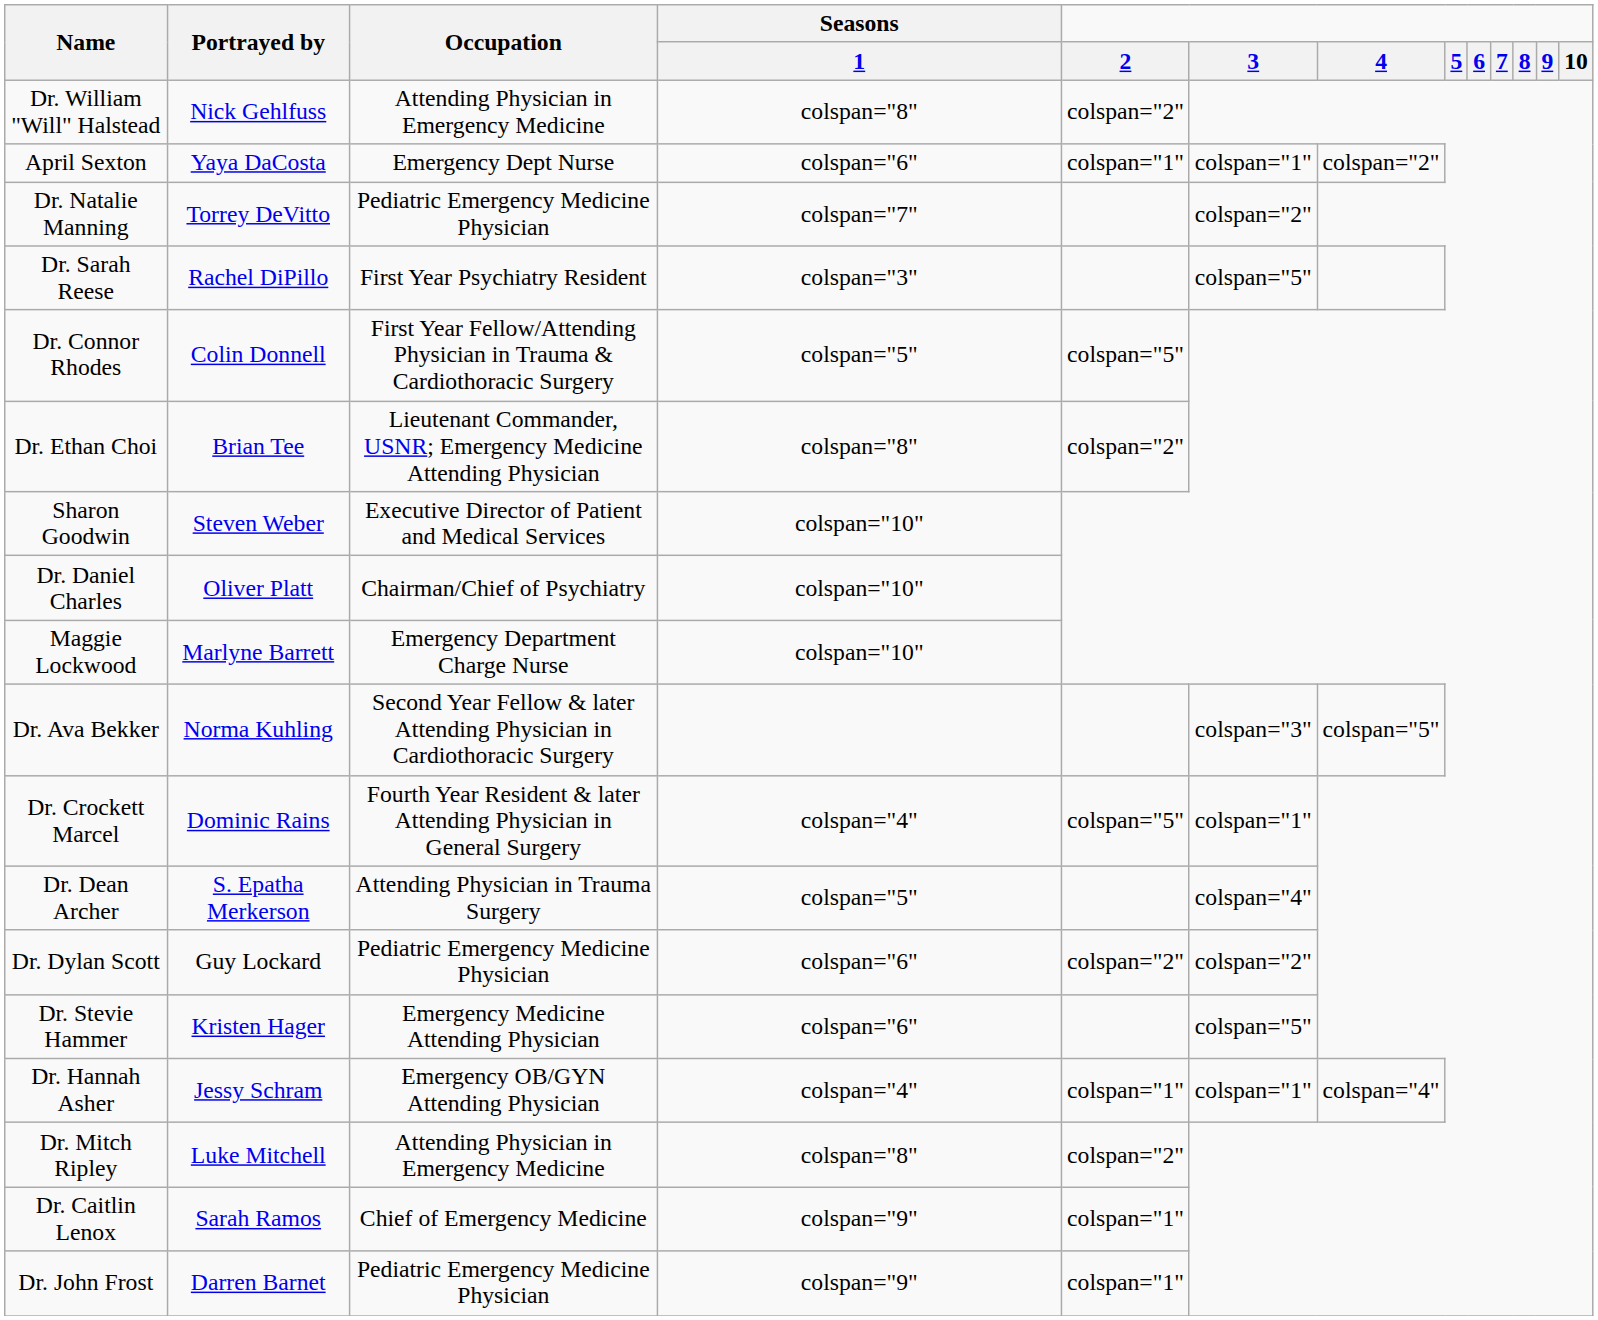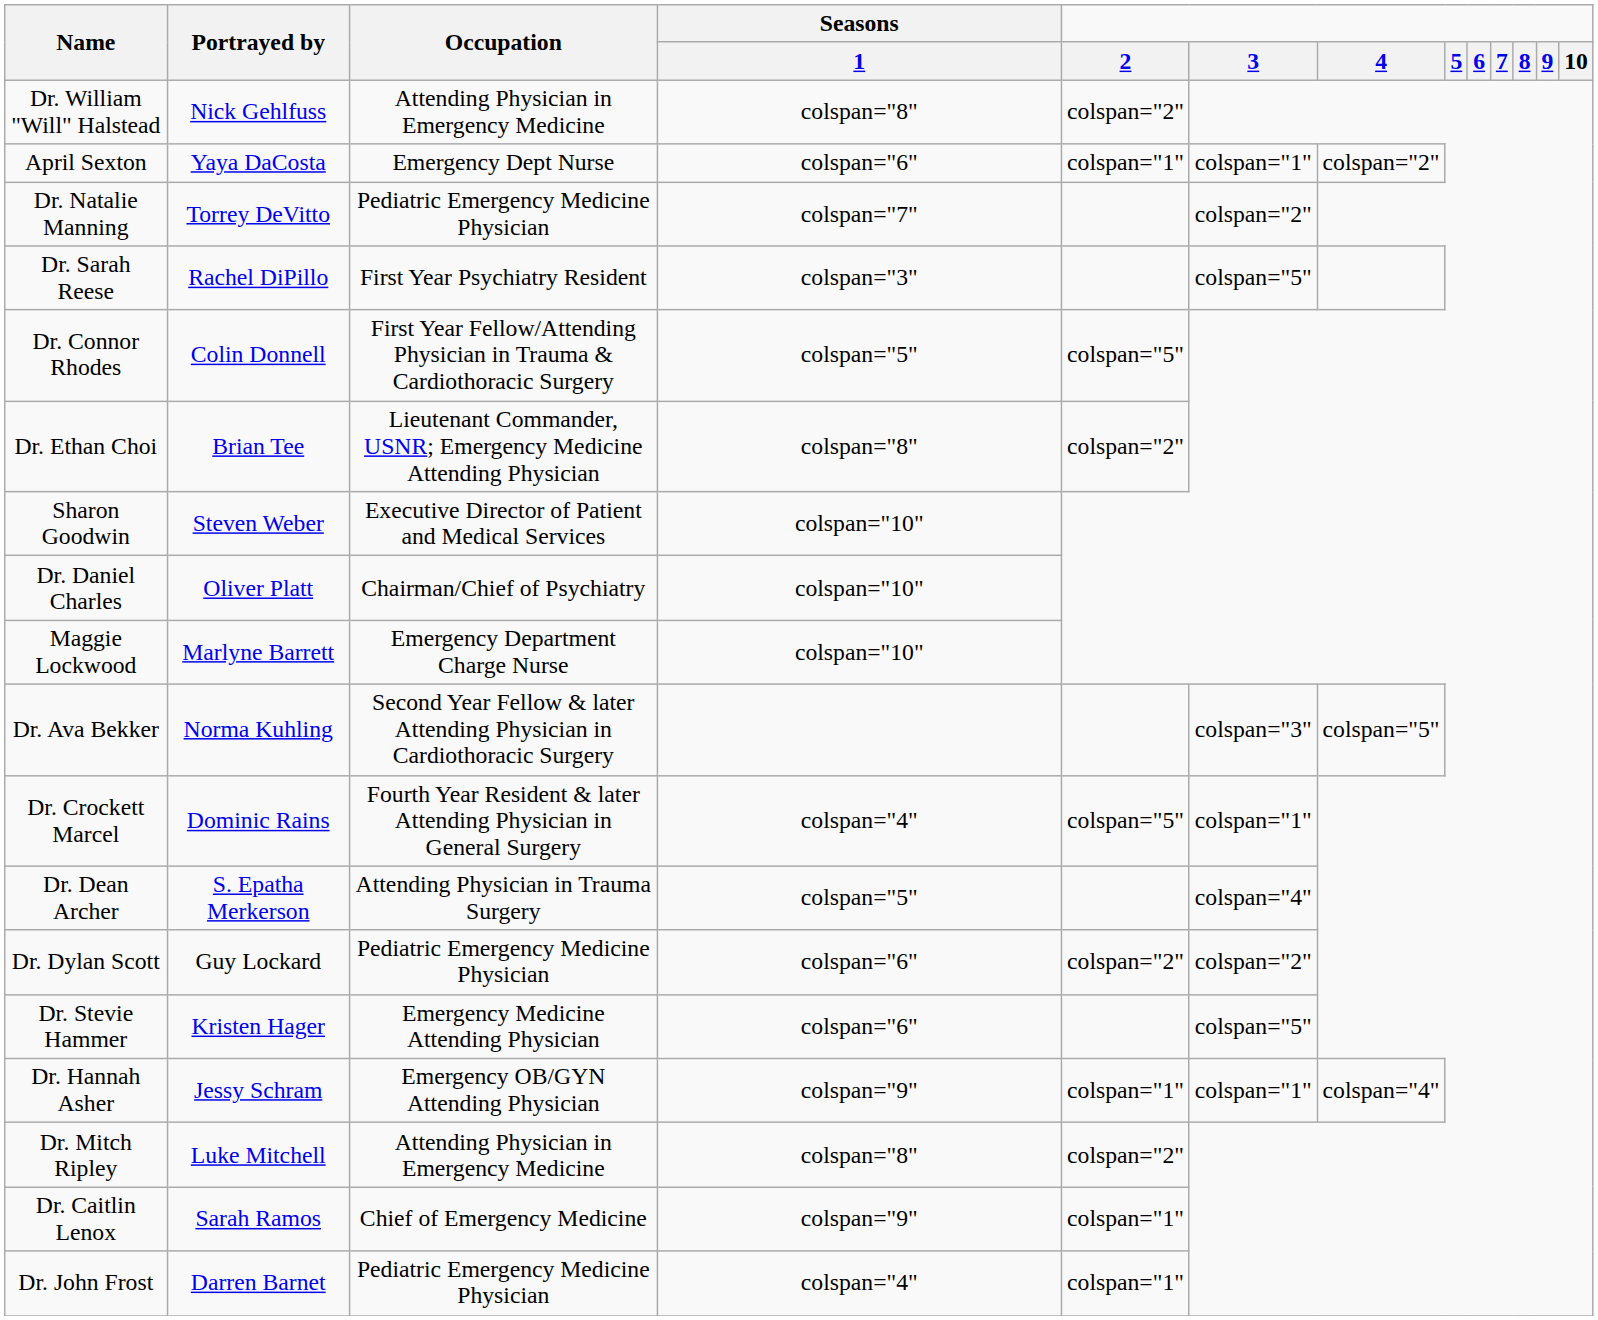 <table class="wikitable plainrowheaders" style="text-align:center; width:85%;">
 <tr>
 <th scope="col" style="width:12%;" rowspan="2">Name</th>
 <th scope="col" style="width:14%;" rowspan="2">Portrayed by</th>
 <th scope="col" style="width:24%;" rowspan="2">Occupation</th>
 <th scope="col" style="width:35%;">Seasons</th>
 </tr>
 <tr>
 <th scope="col" style="width:5%;"><a href='#'>1</a></th>
 <th scope="col" style="width:5%;"><a href='#'>2</a></th>
 <th scope="col" style="width:5%;"><a href='#'>3</a></th>
 <th scope="col" style="width:5%;"><a href='#'>4</a></th>
 <th scope="col" style="width:5%;"><a href='#'>5</a></th>
 <th scope="col" style="width:5%;"><a href='#'>6</a></th>
 <th scope="col" style="width:5%;"><a href='#'>7</a></th>
 <th scope="col" style="width:5%;"><a href='#'>8</a></th>
 <th scope="col" style="width:5%;"><a href='#'>9</a></th>
 <th scope="col" style="width:5%;">10</th>
 </tr>
 <tr>
 <td scope="row">Dr. William "Will" Halstead</td>
 <td><a href='#'>Nick Gehlfuss</a></td>
 <td>Attending Physician in Emergency Medicine</td>
 <td>colspan="8" </td>
 <td>colspan="2" </td>
 </tr>
 <tr>
 <td scope="row">April Sexton</td>
 <td><a href='#'>Yaya DaCosta</a></td>
 <td>Emergency Dept Nurse</td>
 <td>colspan="6" </td>
 <td>colspan="1" </td>
 <td>colspan="1" </td>
 <td>colspan="2" </td>
 </tr>
 <tr>
 <td scope="row">Dr. Natalie Manning</td>
 <td><a href='#'>Torrey DeVitto</a></td>
 <td>Pediatric Emergency Medicine Physician</td>
 <td>colspan="7" </td>
 <td></td>
 <td>colspan="2" </td>
 </tr>
 <tr>
 <td scope="row">Dr. Sarah Reese</td>
 <td><a href='#'>Rachel DiPillo</a></td>
 <td>First Year Psychiatry Resident</td>
 <td>colspan="3" </td>
 <td></td>
 <td>colspan="5" </td>
 <td></td>
 </tr>
 <tr>
 <td scope="row">Dr. Connor Rhodes</td>
 <td><a href='#'>Colin Donnell</a></td>
 <td>First Year Fellow/Attending Physician in Trauma & Cardiothoracic Surgery</td>
 <td>colspan="5" </td>
 <td>colspan="5" </td>
 </tr>
 <tr>
 <td scope="row">Dr. Ethan Choi</td>
 <td><a href='#'>Brian Tee</a></td>
 <td>Lieutenant Commander, <a href='#'>USNR</a>; Emergency Medicine Attending Physician</td>
 <td>colspan="8" </td>
 <td>colspan="2" </td>
 </tr>
 <tr>
 <td scope="row">Sharon Goodwin</td>
 <td><a href='#'>Steven Weber</a></td>
 <td>Executive Director of Patient and Medical Services</td>
 <td>colspan="10" </td>
 </tr>
 <tr>
 <td scope="row">Dr. Daniel Charles</td>
 <td><a href='#'>Oliver Platt</a></td>
 <td>Chairman/Chief of Psychiatry</td>
 <td>colspan="10" </td>
 </tr>
 <tr>
 <td scope="row">Maggie Lockwood</td>
 <td><a href='#'>Marlyne Barrett</a></td>
 <td>Emergency Department Charge Nurse</td>
 <td>colspan="10" </td>
 </tr>
 <tr>
 <td scope="row">Dr. Ava Bekker</td>
 <td><a href='#'>Norma Kuhling</a></td>
 <td>Second Year Fellow & later Attending Physician in Cardiothoracic Surgery</td>
 <td></td>
 <td></td>
 <td>colspan="3" </td>
 <td>colspan="5" </td>
 </tr>
 <tr>
 <td scope="row">Dr. Crockett Marcel</td>
 <td><a href='#'>Dominic Rains</a></td>
 <td>Fourth Year Resident & later Attending Physician in General Surgery</td>
 <td>colspan="4" </td>
 <td>colspan="5" </td>
 <td>colspan="1" </td>
 </tr>
 <tr>
 <td scope="row">Dr. Dean Archer</td>
 <td><a href='#'>S. Epatha Merkerson</a></td>
 <td>Attending Physician in Trauma Surgery</td>
 <td>colspan="5" </td>
 <td></td>
 <td>colspan="4" </td>
 </tr>
 <tr>
 <td scope="row">Dr. Dylan Scott</td>
 <td>Guy Lockard</td>
 <td>Pediatric Emergency Medicine Physician</td>
 <td>colspan="6" </td>
 <td>colspan="2" </td>
 <td>colspan="2" </td>
 </tr>
 <tr>
 <td scope="row">Dr. Stevie Hammer</td>
 <td><a href='#'>Kristen Hager</a></td>
 <td>Emergency Medicine Attending Physician</td>
 <td>colspan="6" </td>
 <td></td>
 <td>colspan="5" </td>
 </tr>
 <tr>
 <td scope="row">Dr. Hannah Asher</td>
 <td><a href='#'>Jessy Schram</a></td>
 <td>Emergency OB/GYN Attending Physician</td>
-<td>colspan="4" </td>
+<td>colspan="9" </td>
 <td>colspan="1" </td>
 <td>colspan="1" </td>
 <td>colspan="4" </td>
 </tr>
 <tr>
 <td scope="row">Dr. Mitch Ripley</td>
 <td><a href='#'>Luke Mitchell</a></td>
 <td>Attending Physician in Emergency Medicine</td>
 <td>colspan="8" </td>
 <td>colspan="2" </td>
 </tr>
 <tr>
 <td scope="row">Dr. Caitlin Lenox</td>
 <td><a href='#'>Sarah Ramos</a></td>
 <td>Chief of Emergency Medicine</td>
 <td>colspan="9" </td>
 <td>colspan="1" </td>
 </tr>
 <tr>
 <td scope="row">Dr. John Frost</td>
 <td><a href='#'>Darren Barnet</a></td>
 <td>Pediatric Emergency Medicine Physician</td>
-<td>colspan="9" </td>
+<td>colspan="4" </td>
 <td>colspan="1" </td>
 </tr>
 </table>
